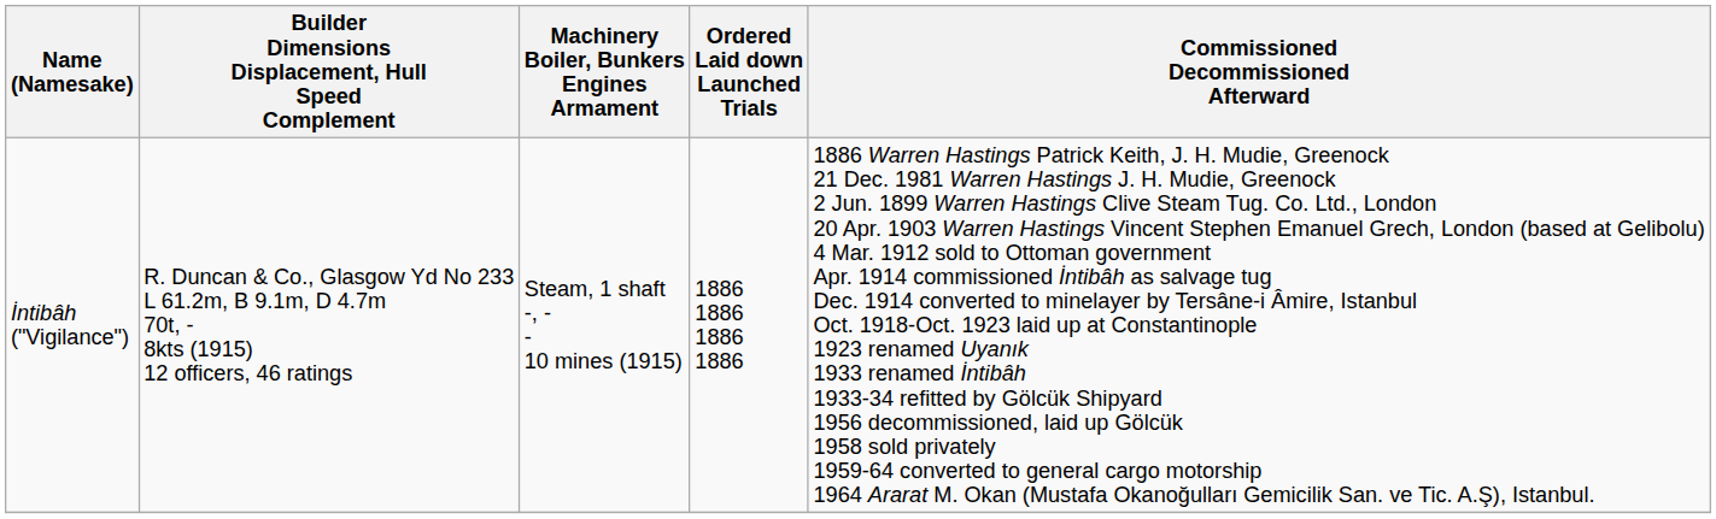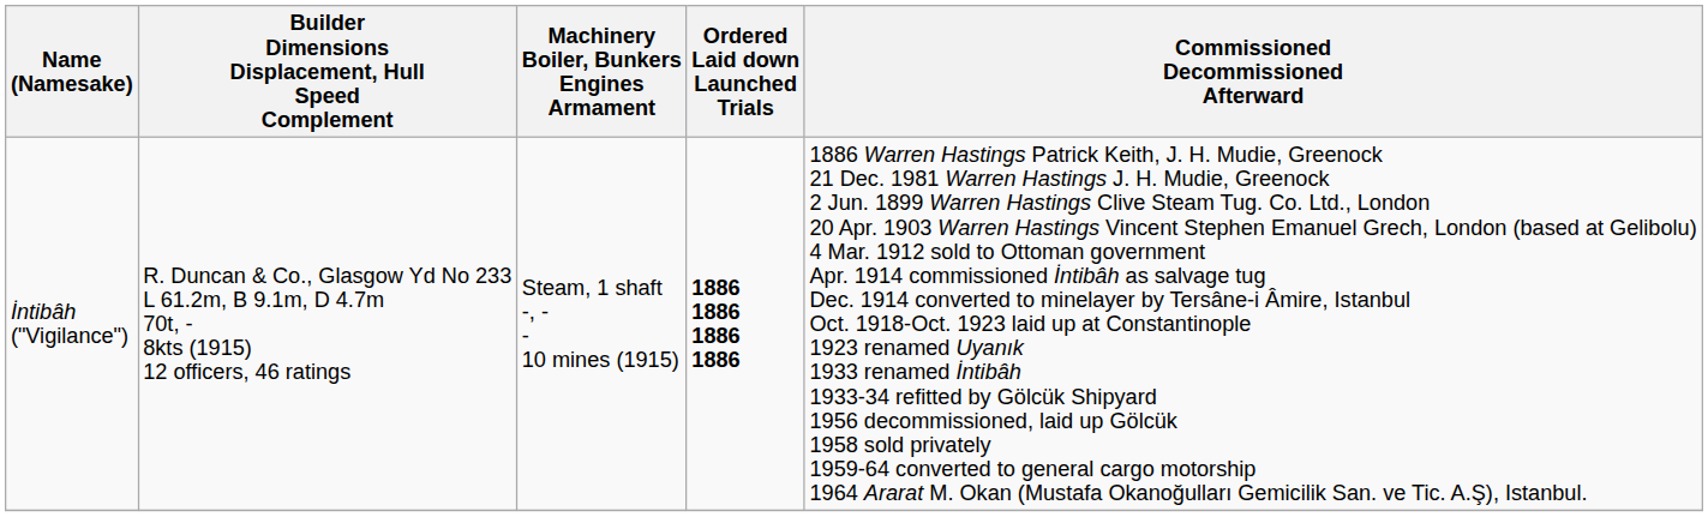 <table class="wikitable" style="font-size:90%;">
 <tr bgcolor="#e6e9ff">
 <th>Name<br>(Namesake)</th>
 <th>Builder<br>Dimensions<br>Displacement, Hull<br>Speed<br>Complement</th>
 <th>Machinery<br>Boiler, Bunkers<br>Engines<br>Armament</th>
 <th>Ordered<br>Laid down<br>Launched<br>Trials</th>
 <th>Commissioned<br>Decommissioned<br>Afterward</th>
 </tr>
 <tr ---->
 <td><em>İntibâh</em><br>("Vigilance")</td>
 <td> R. Duncan & Co., Glasgow Yd No 233<br>L 61.2m, B 9.1m, D 4.7m<br>70t, -<br>8kts (1915)<br>12 officers, 46 ratings</td>
 <td>Steam, 1 shaft<br>-, -<br>-<br>10 mines (1915)</td>
-<td>1886<br>1886<br>1886<br>1886</td>
+<td><strong>1886<br>1886<br>1886<br>1886</strong></td>
 <td>1886 <em>Warren Hastings</em> Patrick Keith, J. H. Mudie, Greenock<br>21 Dec. 1981 <em>Warren Hastings</em> J. H. Mudie, Greenock<br>2 Jun. 1899 <em>Warren Hastings</em> Clive Steam Tug. Co. Ltd., London<br>20 Apr. 1903 <em>Warren Hastings</em> Vincent Stephen Emanuel Grech, London (based at Gelibolu)<br>4 Mar. 1912 sold to Ottoman government<br>Apr. 1914 commissioned <em>İntibâh</em> as salvage tug<br>Dec. 1914 converted to minelayer by Tersâne-i Âmire, Istanbul<br>Oct. 1918-Oct. 1923 laid up at Constantinople<br>1923 renamed <em>Uyanık</em><br>1933 renamed <em>İntibâh</em><br>1933-34 refitted by Gölcük Shipyard<br>1956 decommissioned, laid up Gölcük<br>1958 sold privately<br>1959-64 converted to general cargo motorship<br>1964 <em>Ararat</em> M. Okan (Mustafa Okanoğulları Gemicilik San. ve Tic. A.Ş), Istanbul.</td>
 </tr>
 <tr ---->
 </tr>
 </table>
